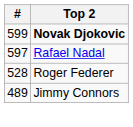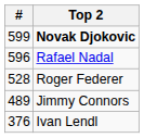 <table class="wikitable" style="display:inline-table;">
 <tr>
 <th>#</th>
 <th>Top 2</th>
 </tr>
 <tr>
 <td>599</td>
 <td> <strong>Novak Djokovic</strong></td>
 </tr>
 <tr>
-<td>597</td>
+<td>596</td>
 <td> <a href='#'>Rafael Nadal</a></td>
 </tr>
 <tr>
 <td>528</td>
 <td> Roger Federer</td>
 </tr>
 <tr>
 <td>489</td>
 <td> Jimmy Connors</td>
 </tr>
+<tr>
+<td>376</td>
+<td> Ivan Lendl</td>
+</tr>
 </table>
